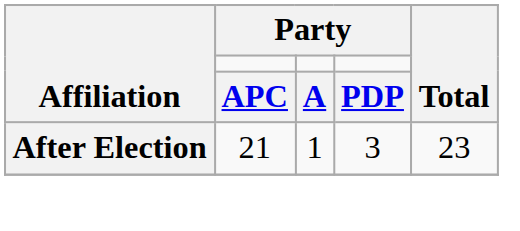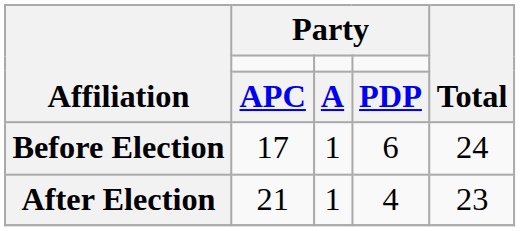 <table class=wikitable style="text-align:center">
 <tr style="vertical-align:bottom;">
 <th rowspan=3>Affiliation</th>
 <th colspan="3">Party</th>
 <th rowspan=3>Total</th>
 </tr>
 <tr>
 <td style="background-color:"></td>
 <td style="background-color:"></td>
 <td style="background-color:"></td>
 </tr>
 <tr>
 <th><a href='#'>APC</a></th>
 <th><a href='#'>A</a></th>
 <th><a href='#'>PDP</a></th>
 </tr>
 <tr>
+<th>Before Election</th>
+<td>17</td>
+<td>1</td>
+<td>6</td>
+<td>24</td>
+</tr>
+<tr>
 <th>After Election</th>
 <td>21</td>
 <td>1</td>
-<td>3</td>
+<td>4</td>
 <td>23</td>
 </tr>
 <tr>
 </tr>
 </table>
